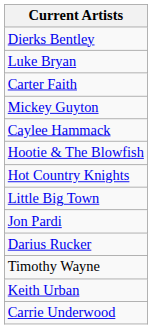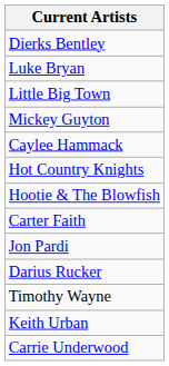 <table class="wikitable">
 <tr>
 <th>Current Artists</th>
 </tr>
 <tr>
 <td><a href='#'>Dierks Bentley</a></td>
 </tr>
 <tr>
 <td><a href='#'>Luke Bryan</a></td>
 </tr>
 <tr>
-<td><a href='#'>Carter Faith</a></td>
+<td><a href='#'>Little Big Town</a></td>
 </tr>
 <tr>
 <td><a href='#'>Mickey Guyton</a></td>
 </tr>
 <tr>
 <td><a href='#'>Caylee Hammack</a></td>
 </tr>
 <tr>
+<td><a href='#'>Hot Country Knights</a></td>
+</tr>
+<tr>
 <td><a href='#'>Hootie & The Blowfish</a></td>
 </tr>
 <tr>
-<td><a href='#'>Hot Country Knights</a></td>
-</tr>
-<tr>
-<td><a href='#'>Little Big Town</a></td>
+<td><a href='#'>Carter Faith</a></td>
 </tr>
 <tr>
 <td><a href='#'>Jon Pardi</a></td>
 </tr>
 <tr>
 <td><a href='#'>Darius Rucker</a></td>
 </tr>
 <tr>
 <td>Timothy Wayne</td>
 </tr>
 <tr>
 <td><a href='#'>Keith Urban</a></td>
 </tr>
 <tr>
 <td><a href='#'>Carrie Underwood</a></td>
 </tr>
 </table>
